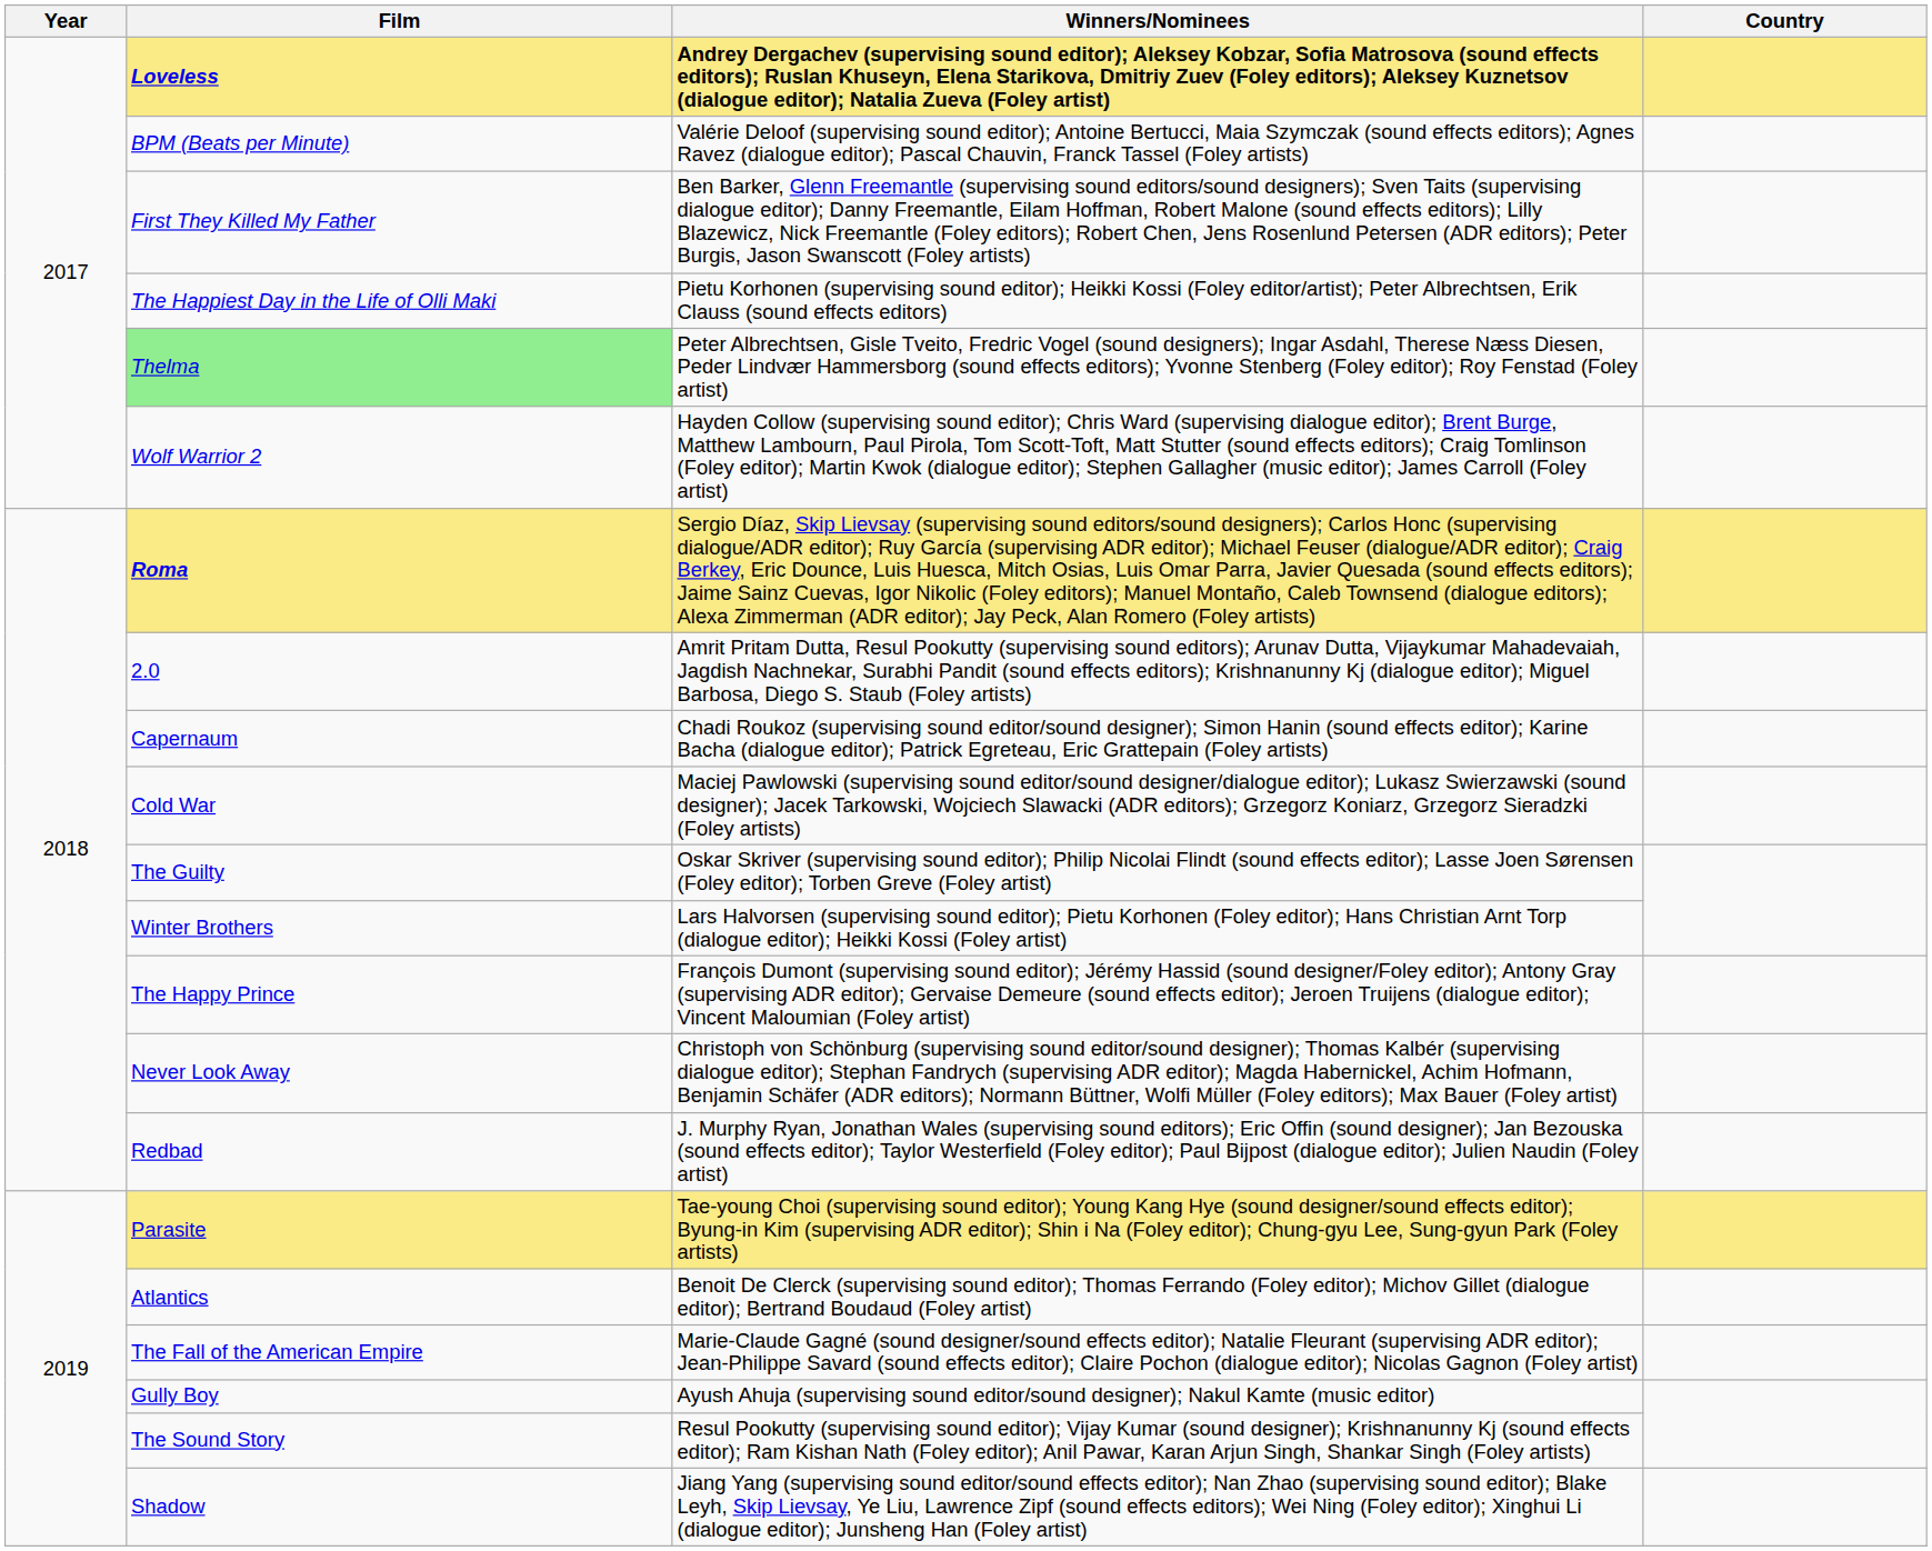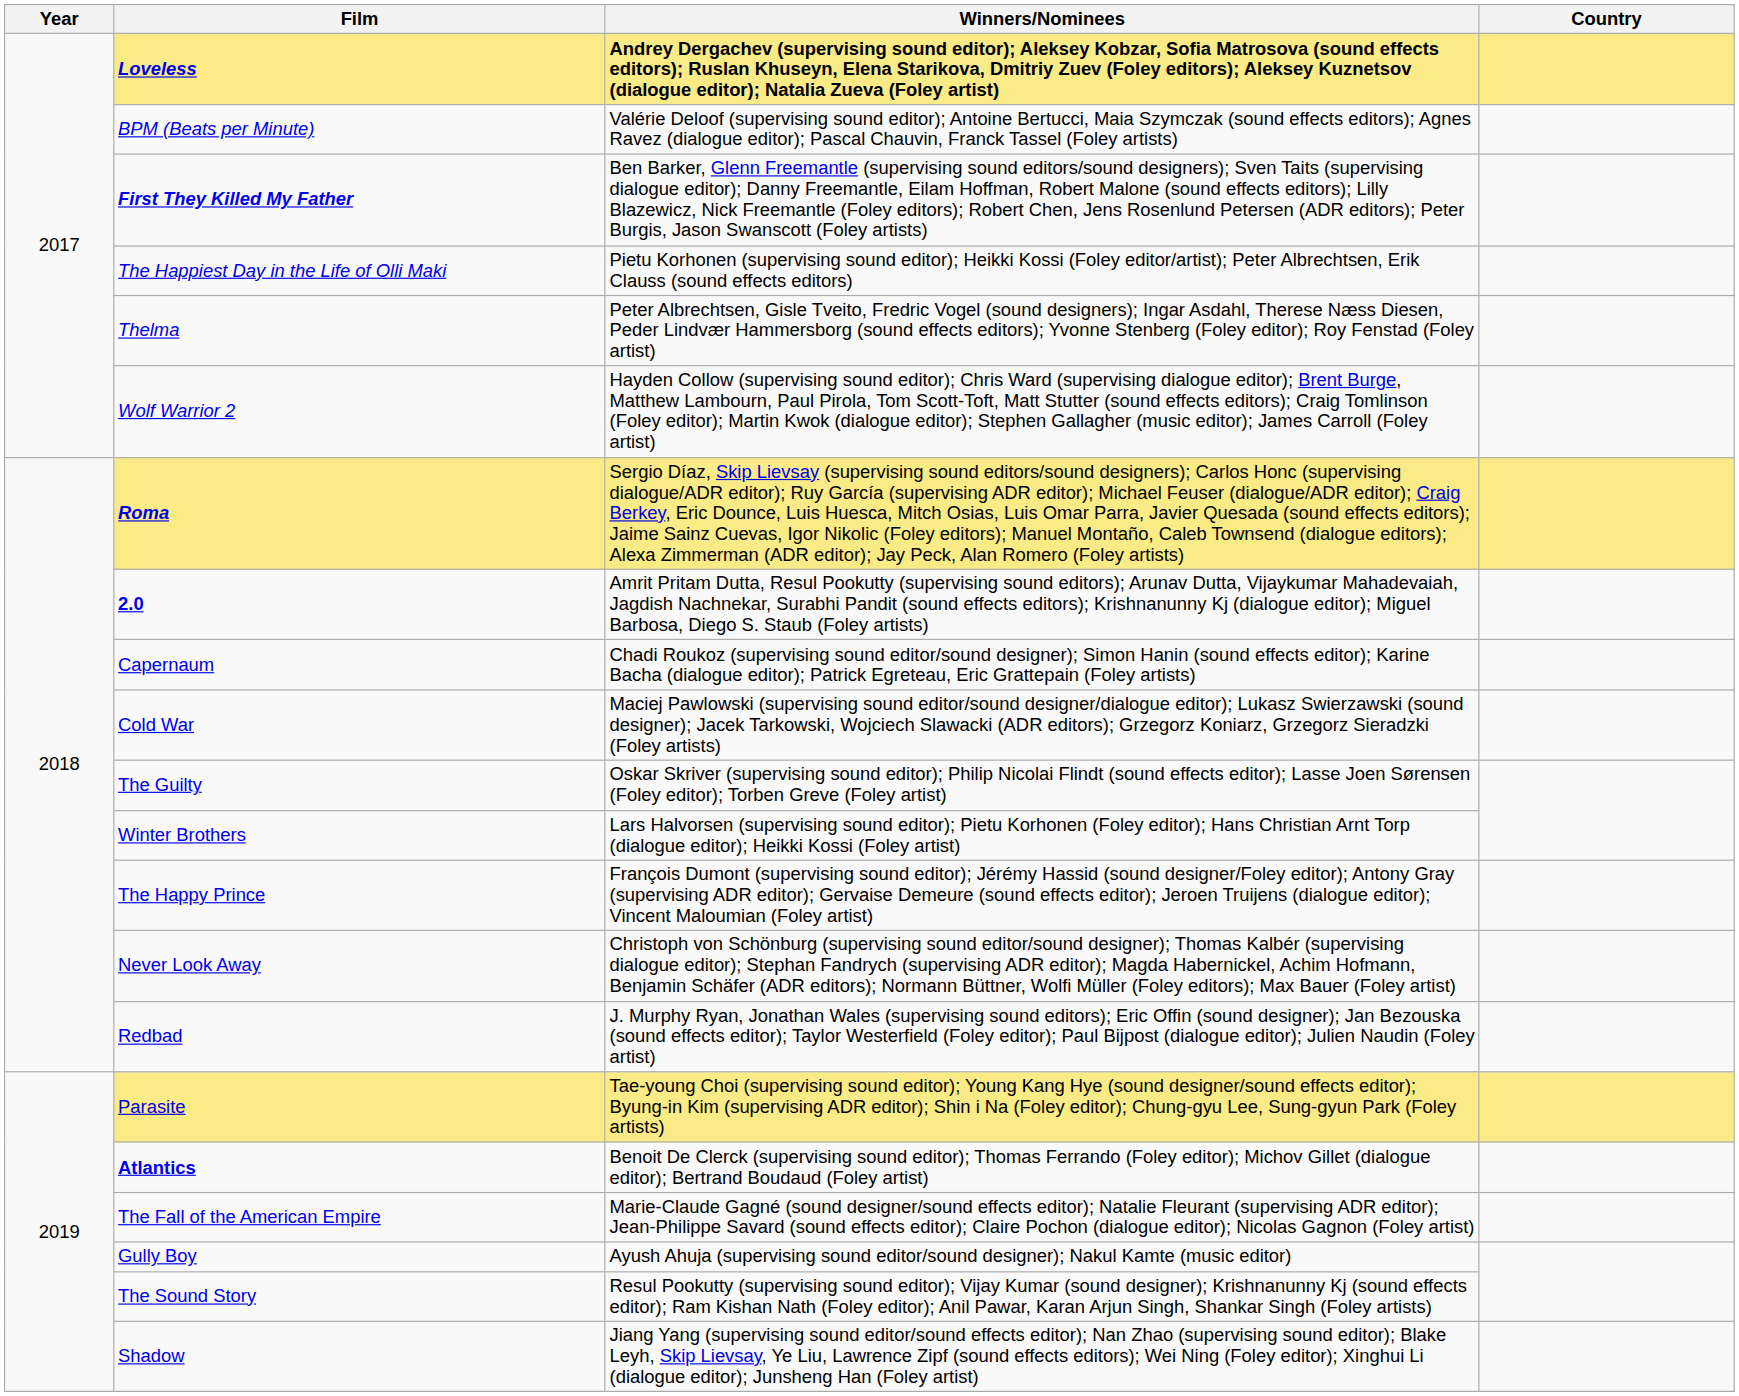 <table class="wikitable" width="95%" cellpadding="5">
 <tr>
 <th width="6%">Year</th>
 <th width="27%">Film</th>
 <th width="48%">Winners/Nominees</th>
 <th width="14%">Country</th>
 </tr>
 <tr>
 <td rowspan=6 style="text-align:center">2017<br></td>
 <td style="background:#FAEB86;"><strong><em><a href='#'>Loveless</a></em></strong></td>
 <td style="background:#FAEB86;"><strong>Andrey Dergachev (supervising sound editor); Aleksey Kobzar, Sofia Matrosova (sound effects editors); Ruslan Khuseyn, Elena Starikova, Dmitriy Zuev (Foley editors); Aleksey Kuznetsov (dialogue editor); Natalia Zueva (Foley artist)</strong></td>
 <td style="background:#FAEB86;"><strong></strong></td>
 </tr>
 <tr>
 <td><em><a href='#'>BPM (Beats per Minute)</a></em></td>
 <td>Valérie Deloof (supervising sound editor); Antoine Bertucci, Maia Szymczak (sound effects editors); Agnes Ravez (dialogue editor); Pascal Chauvin, Franck Tassel (Foley artists)</td>
 <td></td>
 </tr>
 <tr>
-<td><em><a href='#'>First They Killed My Father</a></em></td>
+<td><strong><em><a href='#'>First They Killed My Father</a></em></strong></td>
 <td>Ben Barker, <a href='#'>Glenn Freemantle</a> (supervising sound editors/sound designers); Sven Taits (supervising dialogue editor); Danny Freemantle, Eilam Hoffman, Robert Malone (sound effects editors); Lilly Blazewicz, Nick Freemantle (Foley editors); Robert Chen, Jens Rosenlund Petersen (ADR editors); Peter Burgis, Jason Swanscott (Foley artists)</td>
 <td></td>
 </tr>
 <tr>
 <td><em><a href='#'>The Happiest Day in the Life of Olli Maki</a></em></td>
 <td>Pietu Korhonen (supervising sound editor); Heikki Kossi (Foley editor/artist); Peter Albrechtsen, Erik Clauss (sound effects editors)</td>
 <td></td>
 </tr>
 <tr>
-<td style="background: lightgreen;"><em><a href='#'>Thelma</a></em></td>
+<td><em><a href='#'>Thelma</a></em></td>
 <td>Peter Albrechtsen, Gisle Tveito, Fredric Vogel (sound designers); Ingar Asdahl, Therese Næss Diesen, Peder Lindvær Hammersborg (sound effects editors); Yvonne Stenberg (Foley editor); Roy Fenstad (Foley artist)</td>
 <td></td>
 </tr>
 <tr>
 <td><em><a href='#'>Wolf Warrior 2</a></em></td>
 <td>Hayden Collow (supervising sound editor); Chris Ward (supervising dialogue editor); <a href='#'>Brent Burge</a>, Matthew Lambourn, Paul Pirola, Tom Scott-Toft, Matt Stutter (sound effects editors); Craig Tomlinson (Foley editor); Martin Kwok (dialogue editor); Stephen Gallagher (music editor); James Carroll (Foley artist)</td>
 <td></td>
 </tr>
 <tr>
 <td rowspan=9 style="text-align:center">2018<br></td>
 <td style="background:#FAEB86;"><strong><em><a href='#'>Roma</a><em> <strong></td>
 <td style="background:#FAEB86;"></strong>Sergio Díaz, <a href='#'>Skip Lievsay</a> (supervising sound editors/sound designers); Carlos Honc (supervising dialogue/ADR editor); Ruy García (supervising ADR editor); Michael Feuser (dialogue/ADR editor); <a href='#'>Craig Berkey</a>, Eric Dounce, Luis Huesca, Mitch Osias, Luis Omar Parra, Javier Quesada (sound effects editors); Jaime Sainz Cuevas, Igor Nikolic (Foley editors); Manuel Montaño, Caleb Townsend (dialogue editors); Alexa Zimmerman (ADR editor); Jay Peck, Alan Romero (Foley artists)<strong></td>
 <td style="background:#FAEB86;"></strong><strong></td>
 </tr>
 <tr>
-<td></em><a href='#'>2.0</a><em></td>
+<td><strong></em><a href='#'>2.0</a><em></strong></td>
 <td>Amrit Pritam Dutta, Resul Pookutty (supervising sound editors); Arunav Dutta, Vijaykumar Mahadevaiah, Jagdish Nachnekar, Surabhi Pandit (sound effects editors); Krishnanunny Kj (dialogue editor); Miguel Barbosa, Diego S. Staub (Foley artists)</td>
 <td></td>
 </tr>
 <tr>
 <td></em><a href='#'>Capernaum</a><em></td>
 <td>Chadi Roukoz (supervising sound editor/sound designer); Simon Hanin (sound effects editor); Karine Bacha (dialogue editor); Patrick Egreteau, Eric Grattepain (Foley artists)</td>
 <td></td>
 </tr>
 <tr>
 <td></em><a href='#'>Cold War</a><em></td>
 <td>Maciej Pawlowski (supervising sound editor/sound designer/dialogue editor); Lukasz Swierzawski (sound designer); Jacek Tarkowski, Wojciech Slawacki (ADR editors); Grzegorz Koniarz, Grzegorz Sieradzki (Foley artists)</td>
 <td></td>
 </tr>
 <tr>
 <td></em><a href='#'>The Guilty</a><em></td>
 <td>Oskar Skriver (supervising sound editor); Philip Nicolai Flindt (sound effects editor); Lasse Joen Sørensen (Foley editor); Torben Greve (Foley artist)</td>
 <td rowspan="2"></td>
 </tr>
 <tr>
 <td></em><a href='#'>Winter Brothers</a><em></td>
 <td>Lars Halvorsen (supervising sound editor); Pietu Korhonen (Foley editor); Hans Christian Arnt Torp (dialogue editor); Heikki Kossi (Foley artist)</td>
 </tr>
 <tr>
 <td></em><a href='#'>The Happy Prince</a><em></td>
 <td>François Dumont (supervising sound editor); Jérémy Hassid (sound designer/Foley editor); Antony Gray (supervising ADR editor); Gervaise Demeure (sound effects editor); Jeroen Truijens (dialogue editor); Vincent Maloumian (Foley artist)</td>
 <td><br></td>
 </tr>
 <tr>
 <td></em><a href='#'>Never Look Away</a><em></td>
 <td>Christoph von Schönburg (supervising sound editor/sound designer); Thomas Kalbér (supervising dialogue editor); Stephan Fandrych (supervising ADR editor); Magda Habernickel, Achim Hofmann, Benjamin Schäfer (ADR editors); Normann Büttner, Wolfi Müller (Foley editors); Max Bauer (Foley artist)</td>
 <td></td>
 </tr>
 <tr>
 <td></em><a href='#'>Redbad</a><em></td>
 <td>J. Murphy Ryan, Jonathan Wales (supervising sound editors); Eric Offin (sound designer); Jan Bezouska (sound effects editor); Taylor Westerfield (Foley editor); Paul Bijpost (dialogue editor); Julien Naudin (Foley artist)</td>
 <td></td>
 </tr>
 <tr>
 <td rowspan=6 style="text-align:center">2019<br></td>
 <td style="background:#FAEB86;"></em></strong><a href='#'>Parasite</a><strong><em></td>
 <td style="background:#FAEB86;"></strong>Tae-young Choi (supervising sound editor); Young Kang Hye (sound designer/sound effects editor); Byung-in Kim (supervising ADR editor); Shin i Na (Foley editor); Chung-gyu Lee, Sung-gyun Park (Foley artists)<strong></td>
 <td style="background:#FAEB86;"></strong><strong></td>
 </tr>
 <tr>
-<td></em><a href='#'>Atlantics</a><em></td>
+<td><strong></em><a href='#'>Atlantics</a><em></strong></td>
 <td>Benoit De Clerck (supervising sound editor); Thomas Ferrando (Foley editor); Michov Gillet (dialogue editor); Bertrand Boudaud (Foley artist)</td>
 <td><br></td>
 </tr>
 <tr>
 <td></em><a href='#'>The Fall of the American Empire</a><em></td>
 <td>Marie-Claude Gagné (sound designer/sound effects editor); Natalie Fleurant (supervising ADR editor); Jean-Philippe Savard (sound effects editor); Claire Pochon (dialogue editor); Nicolas Gagnon (Foley artist)</td>
 <td></td>
 </tr>
 <tr>
 <td></em><a href='#'>Gully Boy</a><em></td>
 <td>Ayush Ahuja (supervising sound editor/sound designer); Nakul Kamte (music editor)</td>
 <td rowspan="2"></td>
 </tr>
 <tr>
 <td></em><a href='#'>The Sound Story</a><em></td>
 <td>Resul Pookutty (supervising sound editor); Vijay Kumar (sound designer); Krishnanunny Kj (sound effects editor); Ram Kishan Nath (Foley editor); Anil Pawar, Karan Arjun Singh, Shankar Singh (Foley artists)</td>
 </tr>
 <tr>
 <td></em><a href='#'>Shadow</a><em></td>
 <td>Jiang Yang (supervising sound editor/sound effects editor); Nan Zhao (supervising sound editor); Blake Leyh, <a href='#'>Skip Lievsay</a>, Ye Liu, Lawrence Zipf (sound effects editors); Wei Ning (Foley editor); Xinghui Li (dialogue editor); Junsheng Han (Foley artist)</td>
 <td></td>
 </tr>
 <tr>
 </tr>
 </table>
